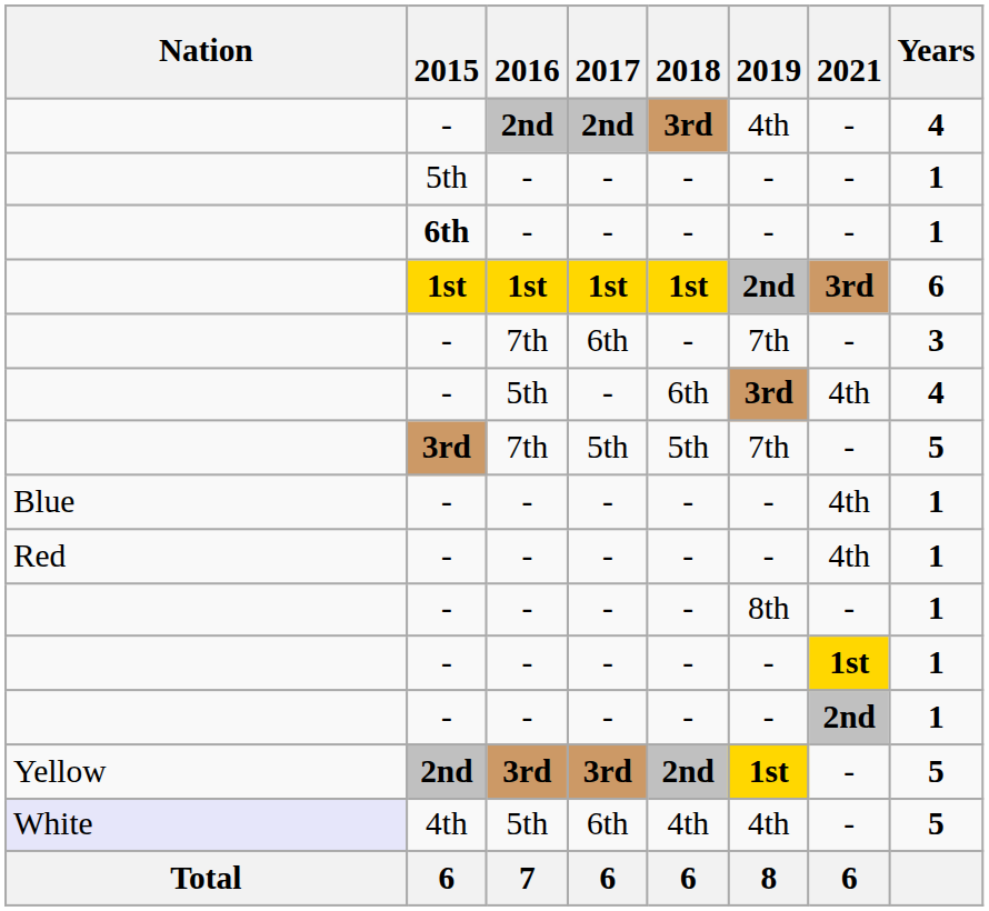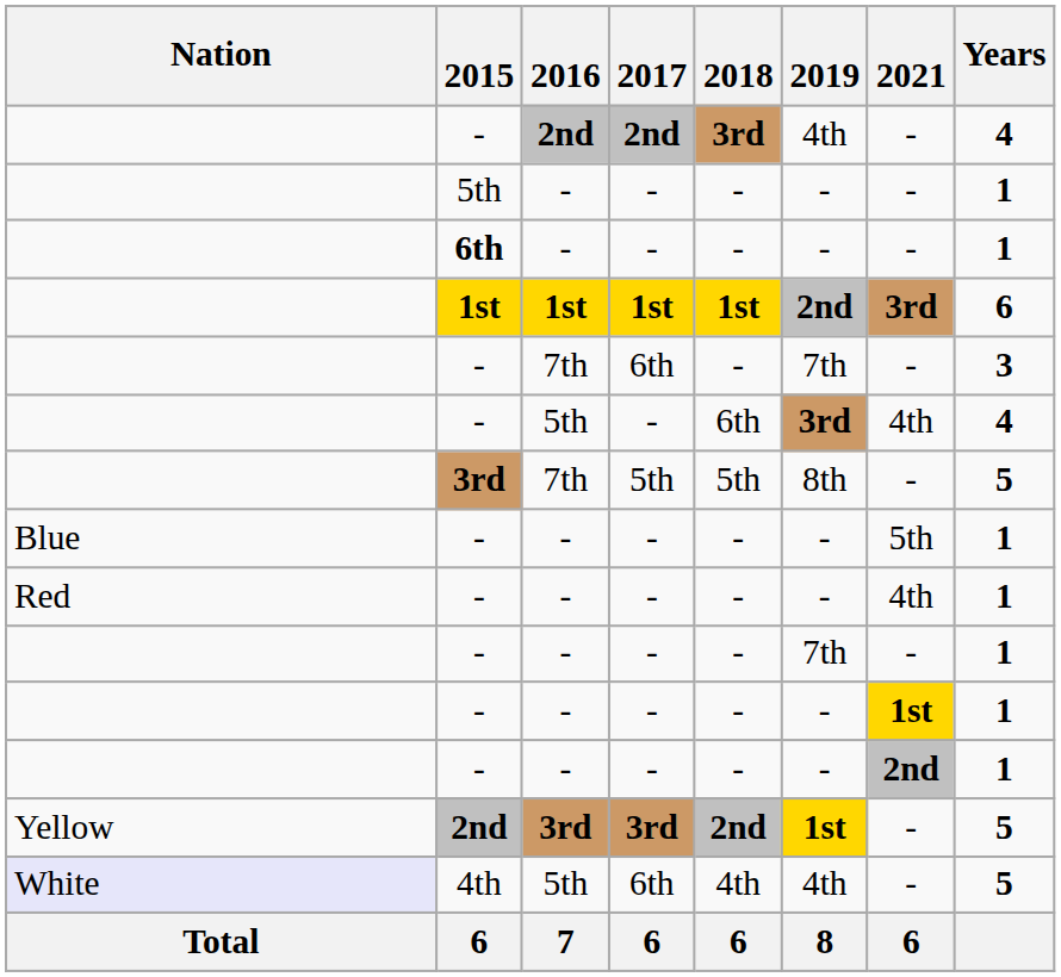 <table class="wikitable" style="text-align:center; font-size:90%">
 <tr>
 <th width=170>Nation</th>
 <th><br>2015</th>
 <th><br>2016</th>
 <th><br>2017</th>
 <th><br>2018</th>
 <th><br>2019</th>
 <th><br>2021</th>
 <th>Years</th>
 </tr>
 <tr>
 <td align=left></td>
 <td>-</td>
 <td bgcolor=silver><strong>2nd</strong></td>
 <td bgcolor=silver><strong>2nd</strong></td>
 <td bgcolor=#cc9966><strong>3rd</strong></td>
 <td>4th</td>
 <td>-</td>
 <td><strong>4</strong></td>
 </tr>
 <tr>
 <td align=left></td>
 <td>5th</td>
 <td>-</td>
 <td>-</td>
 <td>-</td>
 <td>-</td>
 <td>-</td>
 <td><strong>1</strong></td>
 </tr>
 <tr>
 <td align=left></td>
 <td><strong>6th</strong></td>
 <td>-</td>
 <td>-</td>
 <td>-</td>
 <td>-</td>
 <td>-</td>
 <td><strong>1</strong></td>
 </tr>
 <tr>
 <td align=left></td>
 <td bgcolor=gold><strong>1st</strong></td>
 <td bgcolor=gold><strong>1st</strong></td>
 <td bgcolor=gold><strong>1st</strong></td>
 <td bgcolor=gold><strong>1st</strong></td>
 <td bgcolor=silver><strong>2nd</strong></td>
 <td bgcolor=#cc9966><strong>3rd</strong></td>
 <td><strong>6</strong></td>
 </tr>
 <tr>
 <td align=left></td>
 <td>-</td>
 <td>7th</td>
 <td>6th</td>
 <td>-</td>
 <td>7th</td>
 <td>-</td>
 <td><strong>3</strong></td>
 </tr>
 <tr>
 <td align=left></td>
 <td>-</td>
 <td>5th</td>
 <td>-</td>
 <td>6th</td>
 <td bgcolor=#cc9966><strong>3rd</strong></td>
 <td>4th</td>
 <td><strong>4</strong></td>
 </tr>
 <tr>
 <td align=left></td>
 <td bgcolor=#cc9966><strong>3rd</strong></td>
 <td>7th</td>
 <td>5th</td>
 <td>5th</td>
-<td>7th</td>
+<td>8th</td>
 <td>-</td>
 <td><strong>5</strong></td>
 </tr>
 <tr>
 <td align=left> Blue</td>
 <td>-</td>
 <td>-</td>
 <td>-</td>
 <td>-</td>
 <td>-</td>
-<td>4th</td>
+<td>5th</td>
 <td><strong>1</strong></td>
 </tr>
 <tr>
 <td align=left> Red</td>
 <td>-</td>
 <td>-</td>
 <td>-</td>
 <td>-</td>
 <td>-</td>
 <td>4th</td>
 <td><strong>1</strong></td>
 </tr>
 <tr>
 <td align=left></td>
 <td>-</td>
 <td>-</td>
 <td>-</td>
 <td>-</td>
-<td>8th</td>
+<td>7th</td>
 <td>-</td>
 <td><strong>1</strong></td>
 </tr>
 <tr>
 <td align=left></td>
 <td>-</td>
 <td>-</td>
 <td>-</td>
 <td>-</td>
 <td>-</td>
 <td bgcolor=gold><strong>1st</strong></td>
 <td><strong>1</strong></td>
 </tr>
 <tr>
 <td align=left></td>
 <td>-</td>
 <td>-</td>
 <td>-</td>
 <td>-</td>
 <td>-</td>
 <td bgcolor=silver><strong>2nd</strong></td>
 <td><strong>1</strong></td>
 </tr>
 <tr>
 <td align=left> Yellow</td>
 <td bgcolor=silver><strong>2nd</strong></td>
 <td bgcolor=#cc9966><strong>3rd</strong></td>
 <td bgcolor=#cc9966><strong>3rd</strong></td>
 <td bgcolor=silver><strong>2nd</strong></td>
 <td bgcolor=gold><strong>1st</strong></td>
 <td>-</td>
 <td><strong>5</strong></td>
 </tr>
 <tr>
 <td align=left style="background: lavender;"> White</td>
 <td>4th</td>
 <td>5th</td>
 <td>6th</td>
 <td>4th</td>
 <td>4th</td>
 <td>-</td>
 <td><strong>5</strong></td>
 </tr>
 <tr>
 <th>Total</th>
 <th>6</th>
 <th>7</th>
 <th>6</th>
 <th>6</th>
 <th>8</th>
 <th>6</th>
 <th></th>
 </tr>
 </table>
